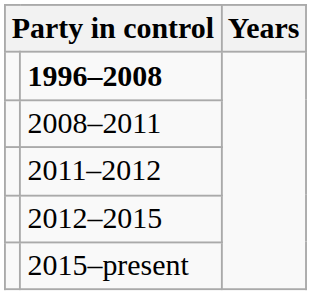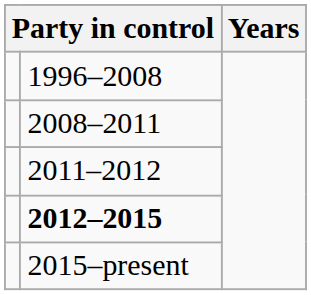 <table class="wikitable">
 <tr>
 <th colspan="2">Party in control</th>
 <th>Years</th>
 </tr>
 <tr>
 <td></td>
-<td><strong>1996–2008</strong></td>
+<td>1996–2008</td>
 </tr>
 <tr>
 <td></td>
 <td>2008–2011</td>
 </tr>
 <tr>
 <td></td>
 <td>2011–2012</td>
 </tr>
 <tr>
 <td></td>
-<td>2012–2015</td>
+<td><strong>2012–2015</strong></td>
 </tr>
 <tr>
 <td></td>
 <td>2015–present</td>
 </tr>
 </table>
